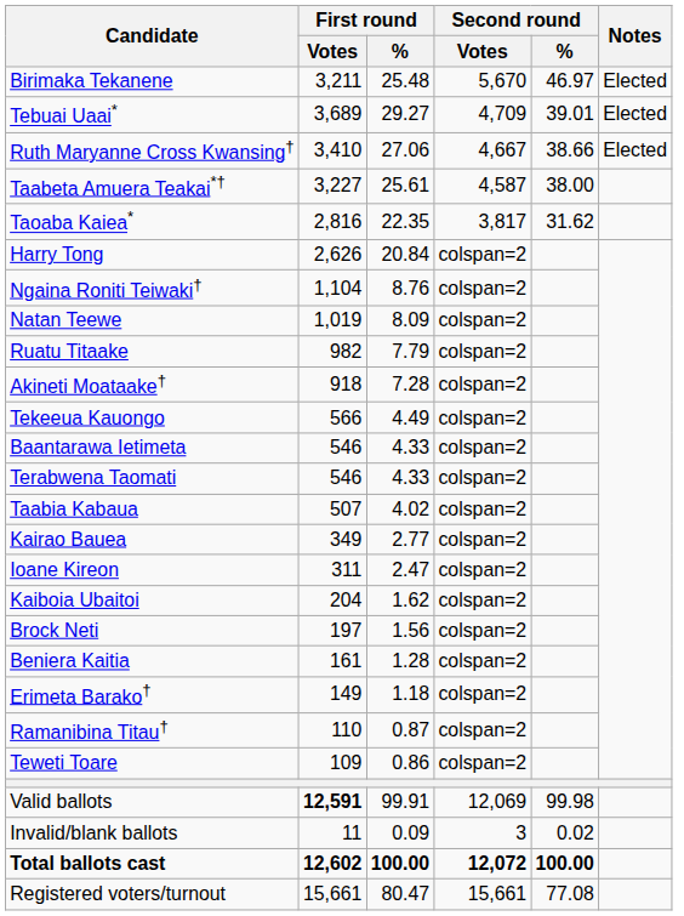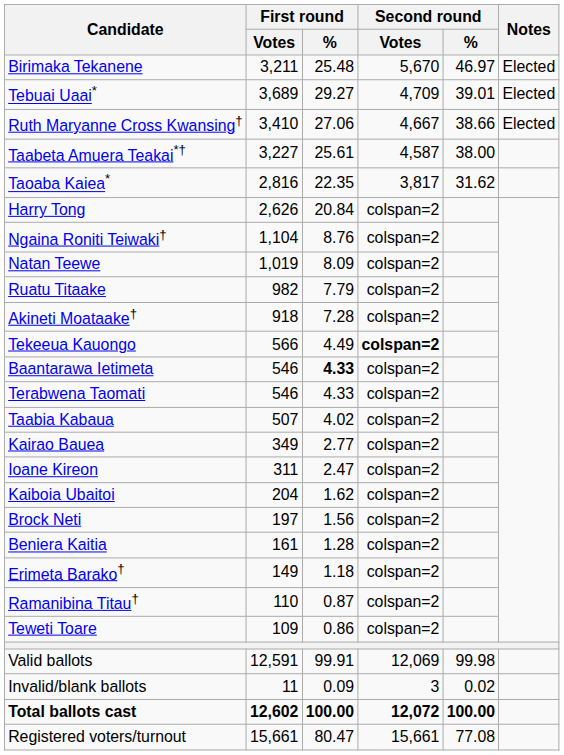 <table class=wikitable style=text-align:right>
 <tr>
 <th rowspan=2>Candidate</th>
 <th colspan=2>First round</th>
 <th colspan=2>Second round</th>
 <th rowspan=2>Notes</th>
 </tr>
 <tr>
 <th>Votes</th>
 <th>%</th>
 <th>Votes</th>
 <th>%</th>
 </tr>
 <tr>
 <td align=left><a href='#'>Birimaka Tekanene</a></td>
 <td>3,211</td>
 <td>25.48</td>
 <td>5,670</td>
 <td>46.97</td>
 <td>Elected</td>
 </tr>
 <tr>
 <td align=left><a href='#'>Tebuai Uaai</a><sup>*</sup></td>
 <td>3,689</td>
 <td>29.27</td>
 <td>4,709</td>
 <td>39.01</td>
 <td>Elected</td>
 </tr>
 <tr>
 <td align=left><a href='#'>Ruth Maryanne Cross Kwansing</a><sup>†</sup></td>
 <td>3,410</td>
 <td>27.06</td>
 <td>4,667</td>
 <td>38.66</td>
 <td>Elected</td>
 </tr>
 <tr>
 <td align=left><a href='#'>Taabeta Amuera Teakai</a><sup>*†</sup></td>
 <td>3,227</td>
 <td>25.61</td>
 <td>4,587</td>
 <td>38.00</td>
 <td></td>
 </tr>
 <tr>
 <td align=left><a href='#'>Taoaba Kaiea</a><sup>*</sup></td>
 <td>2,816</td>
 <td>22.35</td>
 <td>3,817</td>
 <td>31.62</td>
 <td></td>
 </tr>
 <tr>
 <td align=left><a href='#'>Harry Tong</a></td>
 <td>2,626</td>
 <td>20.84</td>
 <td>colspan=2 </td>
 <td></td>
 </tr>
 <tr>
 <td align=left><a href='#'>Ngaina Roniti Teiwaki</a><sup>†</sup></td>
 <td>1,104</td>
 <td>8.76</td>
 <td>colspan=2 </td>
 <td></td>
 </tr>
 <tr>
 <td align=left><a href='#'>Natan Teewe</a></td>
 <td>1,019</td>
 <td>8.09</td>
 <td>colspan=2 </td>
 <td></td>
 </tr>
 <tr>
 <td align=left><a href='#'>Ruatu Titaake</a></td>
 <td>982</td>
 <td>7.79</td>
 <td>colspan=2 </td>
 <td></td>
 </tr>
 <tr>
 <td align=left><a href='#'>Akineti Moataake</a><sup>†</sup></td>
 <td>918</td>
 <td>7.28</td>
 <td>colspan=2 </td>
 <td></td>
 </tr>
 <tr>
 <td align=left><a href='#'>Tekeeua Kauongo</a></td>
 <td>566</td>
 <td>4.49</td>
-<td>colspan=2 </td>
+<td><strong>colspan=2 </strong></td>
 <td></td>
 </tr>
 <tr>
 <td align=left><a href='#'>Baantarawa Ietimeta</a></td>
 <td>546</td>
-<td>4.33</td>
+<td><strong>4.33</strong></td>
 <td>colspan=2 </td>
 <td></td>
 </tr>
 <tr>
 <td align=left><a href='#'>Terabwena Taomati</a></td>
 <td>546</td>
 <td>4.33</td>
 <td>colspan=2 </td>
 <td></td>
 </tr>
 <tr>
 <td align=left><a href='#'>Taabia Kabaua</a></td>
 <td>507</td>
 <td>4.02</td>
 <td>colspan=2 </td>
 <td></td>
 </tr>
 <tr>
 <td align=left><a href='#'>Kairao Bauea</a></td>
 <td>349</td>
 <td>2.77</td>
 <td>colspan=2 </td>
 <td></td>
 </tr>
 <tr>
 <td align=left><a href='#'>Ioane Kireon</a></td>
 <td>311</td>
 <td>2.47</td>
 <td>colspan=2 </td>
 <td></td>
 </tr>
 <tr>
 <td align=left><a href='#'>Kaiboia Ubaitoi</a></td>
 <td>204</td>
 <td>1.62</td>
 <td>colspan=2 </td>
 <td></td>
 </tr>
 <tr>
 <td align=left><a href='#'>Brock Neti</a></td>
 <td>197</td>
 <td>1.56</td>
 <td>colspan=2 </td>
 <td></td>
 </tr>
 <tr>
 <td align=left><a href='#'>Beniera Kaitia</a></td>
 <td>161</td>
 <td>1.28</td>
 <td>colspan=2 </td>
 <td></td>
 </tr>
 <tr>
 <td align=left><a href='#'>Erimeta Barako</a><sup>†</sup></td>
 <td>149</td>
 <td>1.18</td>
 <td>colspan=2 </td>
 <td></td>
 </tr>
 <tr>
 <td align=left><a href='#'>Ramanibina Titau</a><sup>†</sup></td>
 <td>110</td>
 <td>0.87</td>
 <td>colspan=2 </td>
 <td></td>
 </tr>
 <tr>
 <td align=left><a href='#'>Teweti Toare</a></td>
 <td>109</td>
 <td>0.86</td>
 <td>colspan=2 </td>
 <td></td>
 </tr>
 <tr>
 <th colspan=6></th>
 </tr>
 <tr>
 <td align=left>Valid ballots</td>
-<td><strong>12,591</strong></td>
+<td>12,591</td>
 <td>99.91</td>
 <td>12,069</td>
 <td>99.98</td>
 <td></td>
 </tr>
 <tr>
 <td align=left>Invalid/blank ballots</td>
 <td>11</td>
 <td>0.09</td>
 <td>3</td>
 <td>0.02</td>
 <td></td>
 </tr>
 <tr style="font-weight:bold">
 <td align=left>Total ballots cast</td>
 <td>12,602</td>
 <td>100.00</td>
 <td>12,072</td>
 <td>100.00</td>
 <td></td>
 </tr>
 <tr>
 <td align=left>Registered voters/turnout</td>
 <td>15,661</td>
 <td>80.47</td>
 <td>15,661</td>
 <td>77.08</td>
 <td></td>
 </tr>
 </table>
